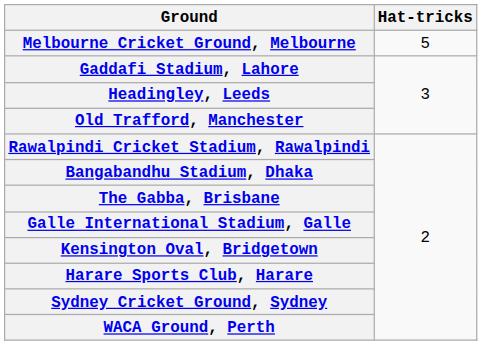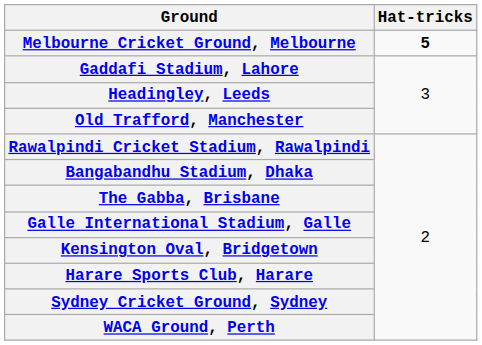 <table class="wikitable plainrowheaders">
 <tr>
 <th>Ground</th>
 <th>Hat-tricks</th>
 </tr>
 <tr>
 <th scope=row> <a href='#'>Melbourne Cricket Ground</a>, <a href='#'>Melbourne</a></th>
-<td style="text-align:center">5</td>
+<td style="text-align:center"><strong>5</strong></td>
 </tr>
 <tr>
 <th scope=row> <a href='#'>Gaddafi Stadium</a>, <a href='#'>Lahore</a></th>
 <td rowspan=3 style="text-align:center">3</td>
 </tr>
 <tr>
 <th scope=row> <a href='#'>Headingley</a>, <a href='#'>Leeds</a></th>
 </tr>
 <tr>
 <th scope=row> <a href='#'>Old Trafford</a>, <a href='#'>Manchester</a></th>
 </tr>
 <tr>
 <th scope=row> <a href='#'>Rawalpindi Cricket Stadium</a>, <a href='#'>Rawalpindi</a></th>
 <td rowspan=8 style="text-align:center">2</td>
 </tr>
 <tr>
 <th scope=row> <a href='#'>Bangabandhu Stadium</a>, <a href='#'>Dhaka</a></th>
 </tr>
 <tr>
 <th scope=row> <a href='#'>The Gabba</a>, <a href='#'>Brisbane</a></th>
 </tr>
 <tr>
 <th scope=row> <a href='#'>Galle International Stadium</a>, <a href='#'>Galle</a></th>
 </tr>
 <tr>
 <th scope=row> <a href='#'>Kensington Oval</a>, <a href='#'>Bridgetown</a></th>
 </tr>
 <tr>
 <th scope=row> <a href='#'>Harare Sports Club</a>, <a href='#'>Harare</a></th>
 </tr>
 <tr>
 <th scope=row> <a href='#'>Sydney Cricket Ground</a>, <a href='#'>Sydney</a></th>
 </tr>
 <tr>
 <th scope=row> <a href='#'>WACA Ground</a>, <a href='#'>Perth</a></th>
 </tr>
 </table>
